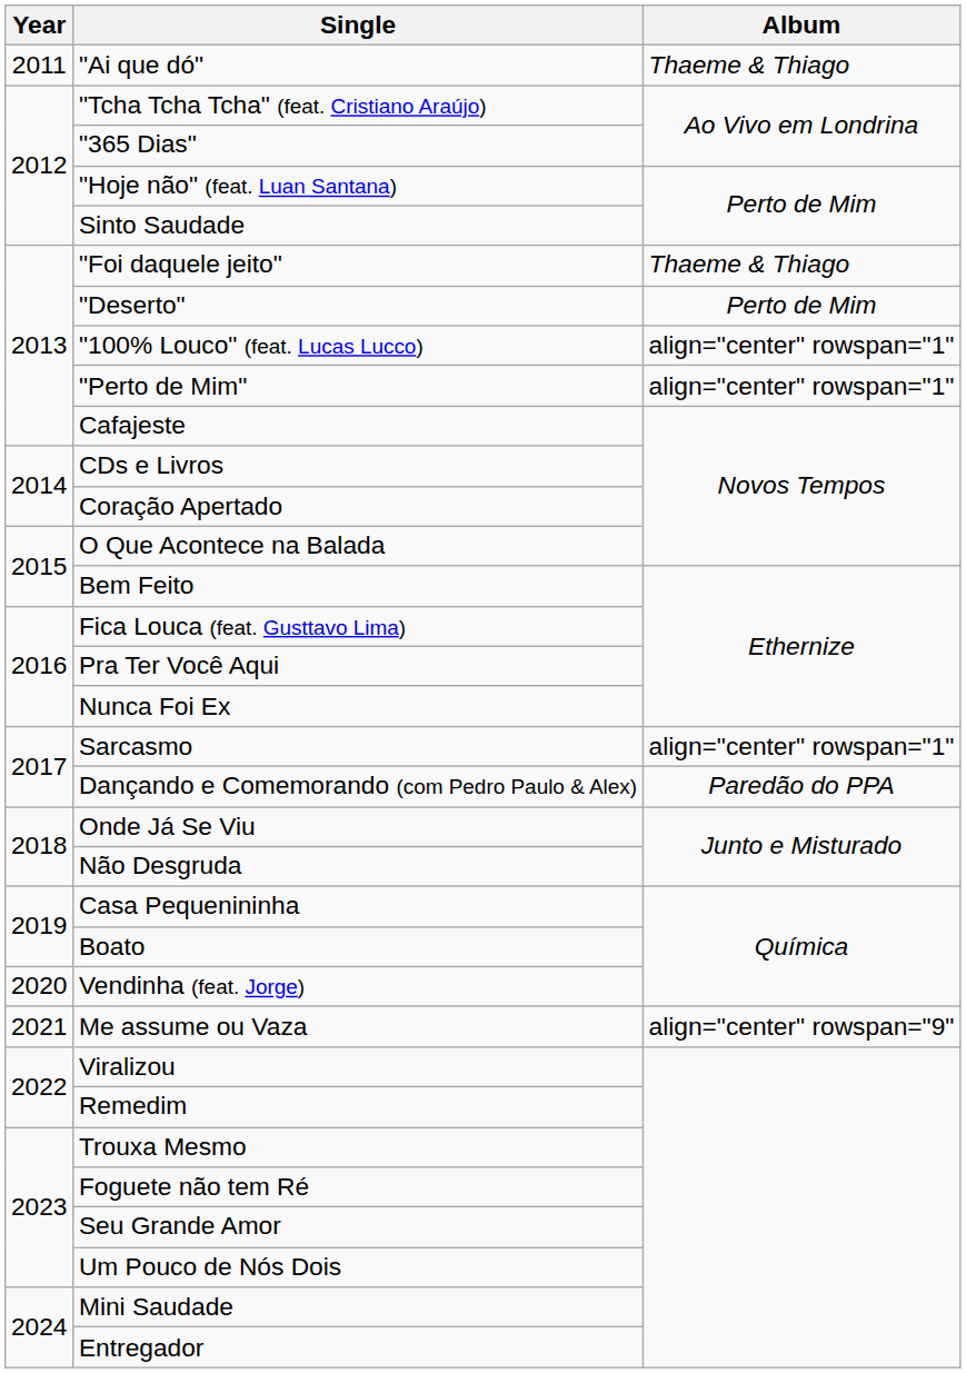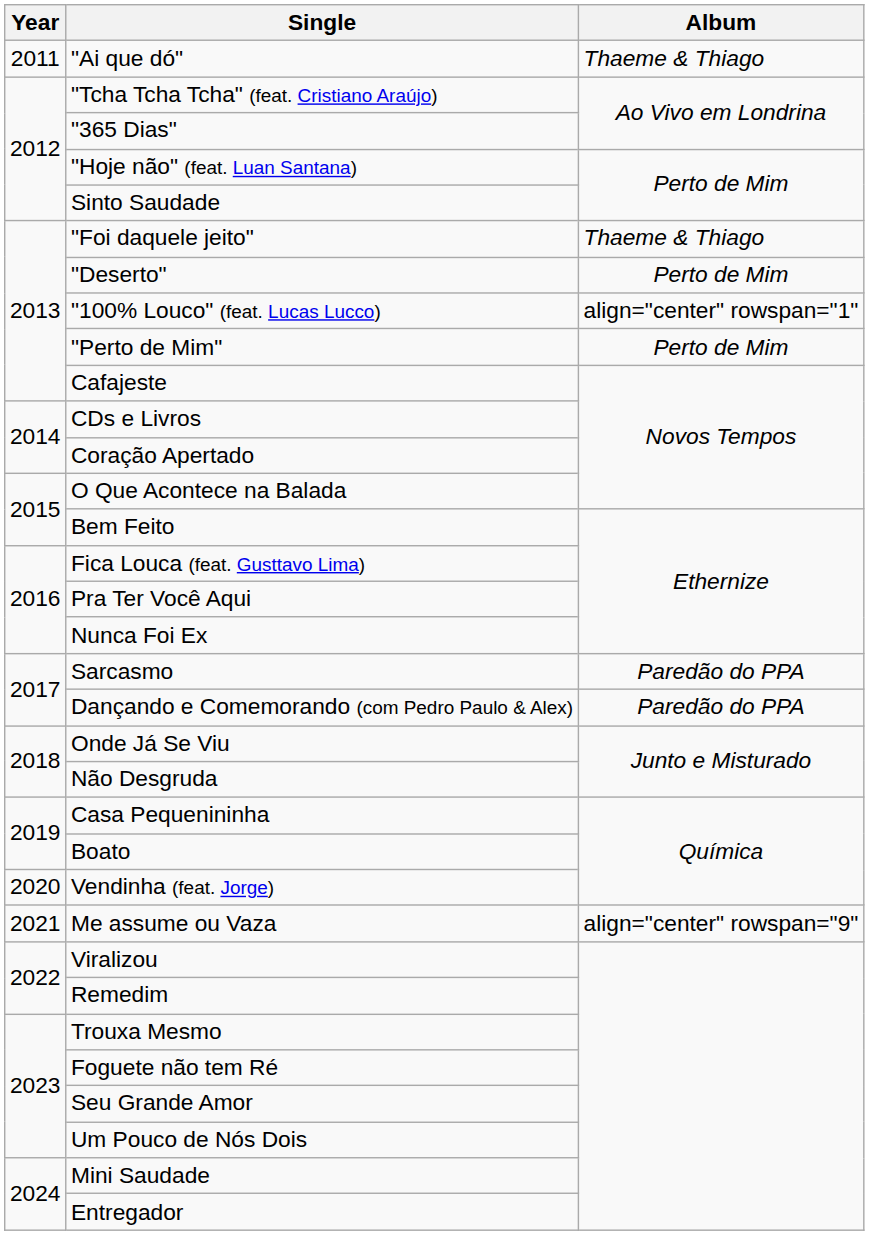 <table class="wikitable" style="text-align:center;">
 <tr>
 <th>Year</th>
 <th>Single</th>
 <th>Album</th>
 </tr>
 <tr>
 <td rowspan=1>2011</td>
 <td align="left">"Ai que dó"</td>
 <td align="left" rowspan=1><em>Thaeme & Thiago</em></td>
 </tr>
 <tr>
 <td align="center" rowspan="4">2012</td>
 <td align="left">"Tcha Tcha Tcha" <small>(feat. <a href='#'>Cristiano Araújo</a>) </small></td>
 <td align="center" rowspan="2"><em>Ao Vivo em Londrina</em></td>
 </tr>
 <tr>
 <td align="left">"365 Dias"</td>
 </tr>
 <tr>
 <td align="left">"Hoje não" <small>(feat. <a href='#'>Luan Santana</a>) </small></td>
 <td align="center" rowspan="2"><em>Perto de Mim</em></td>
 </tr>
 <tr>
 <td align="left">Sinto Saudade</td>
 </tr>
 <tr>
 <td align="center" rowspan="5">2013</td>
 <td align="left">"Foi daquele jeito"</td>
 <td align="left" rowspan=1><em>Thaeme & Thiago</em></td>
 </tr>
 <tr>
 <td align="left">"Deserto"</td>
 <td align="center" rowspan="1"><em>Perto de Mim</em></td>
 </tr>
 <tr>
 <td align="left">"100% Louco" <small>(feat. <a href='#'>Lucas Lucco</a>)</small></td>
 <td>align="center" rowspan="1" </td>
 </tr>
 <tr>
 <td align="left">"Perto de Mim"</td>
-<td>align="center" rowspan="1" </td>
+<td align="center" rowspan="1"><em>Perto de Mim</em></td>
 </tr>
 <tr>
 <td align="left">Cafajeste</td>
 <td rowspan="4" align="center"><em>Novos Tempos</em></td>
 </tr>
 <tr>
 <td align="center" rowspan="2">2014</td>
 <td align="left">CDs e Livros</td>
 </tr>
 <tr>
 <td align="left">Coração Apertado</td>
 </tr>
 <tr>
 <td align="center" rowspan="2">2015</td>
 <td align="left">O Que Acontece na Balada</td>
 </tr>
 <tr>
 <td align="left">Bem Feito</td>
 <td align="center" rowspan="4"><em>Ethernize</em></td>
 </tr>
 <tr>
 <td align="center" rowspan="3">2016</td>
 <td align="left">Fica Louca <small>(feat. <a href='#'>Gusttavo Lima</a>)</small></td>
 </tr>
 <tr>
 <td align="left">Pra Ter Você Aqui</td>
 </tr>
 <tr>
 <td align="left">Nunca Foi Ex</td>
 </tr>
 <tr>
 <td rowspan="2" align="center">2017</td>
 <td align="left">Sarcasmo</td>
-<td>align="center" rowspan="1" </td>
+<td align="center" rowspan="1"><em>Paredão do PPA </em></td>
 </tr>
 <tr>
 <td align="left">Dançando e Comemorando <small>(com Pedro Paulo & Alex)</small></td>
 <td align="center" rowspan="1"><em>Paredão do PPA </em></td>
 </tr>
 <tr>
 <td align="center" rowspan="2">2018</td>
 <td align="left">Onde Já Se Viu</td>
 <td align="center" rowspan="2"><em>Junto e Misturado</em></td>
 </tr>
 <tr>
 <td align="left">Não Desgruda</td>
 </tr>
 <tr>
 <td align="center" rowspan="2">2019</td>
 <td align="left">Casa Pequenininha</td>
 <td align="center" rowspan="3"><em>Química</em></td>
 </tr>
 <tr>
 <td align="left">Boato</td>
 </tr>
 <tr>
 <td align="center" rowspan="1">2020</td>
 <td align="left">Vendinha <small>(feat. <a href='#'>Jorge</a>)</small></td>
 </tr>
 <tr>
 <td align="center" rowspan="1">2021</td>
 <td align="left">Me assume ou Vaza</td>
 <td>align="center" rowspan="9" </td>
 </tr>
 <tr>
 <td align="center" rowspan="2">2022</td>
 <td align="left">Viralizou</td>
 </tr>
 <tr>
 <td align="left">Remedim</td>
 </tr>
 <tr>
 <td align="center" rowspan="4">2023</td>
 <td align="left">Trouxa Mesmo</td>
 </tr>
 <tr>
 <td align="left">Foguete não tem Ré</td>
 </tr>
 <tr>
 <td align="left">Seu Grande Amor</td>
 </tr>
 <tr>
 <td align="left">Um Pouco de Nós Dois</td>
 </tr>
 <tr>
 <td align="center" rowspan="2">2024</td>
 <td align="left">Mini Saudade</td>
 </tr>
 <tr>
 <td align="left">Entregador</td>
 </tr>
 </table>
